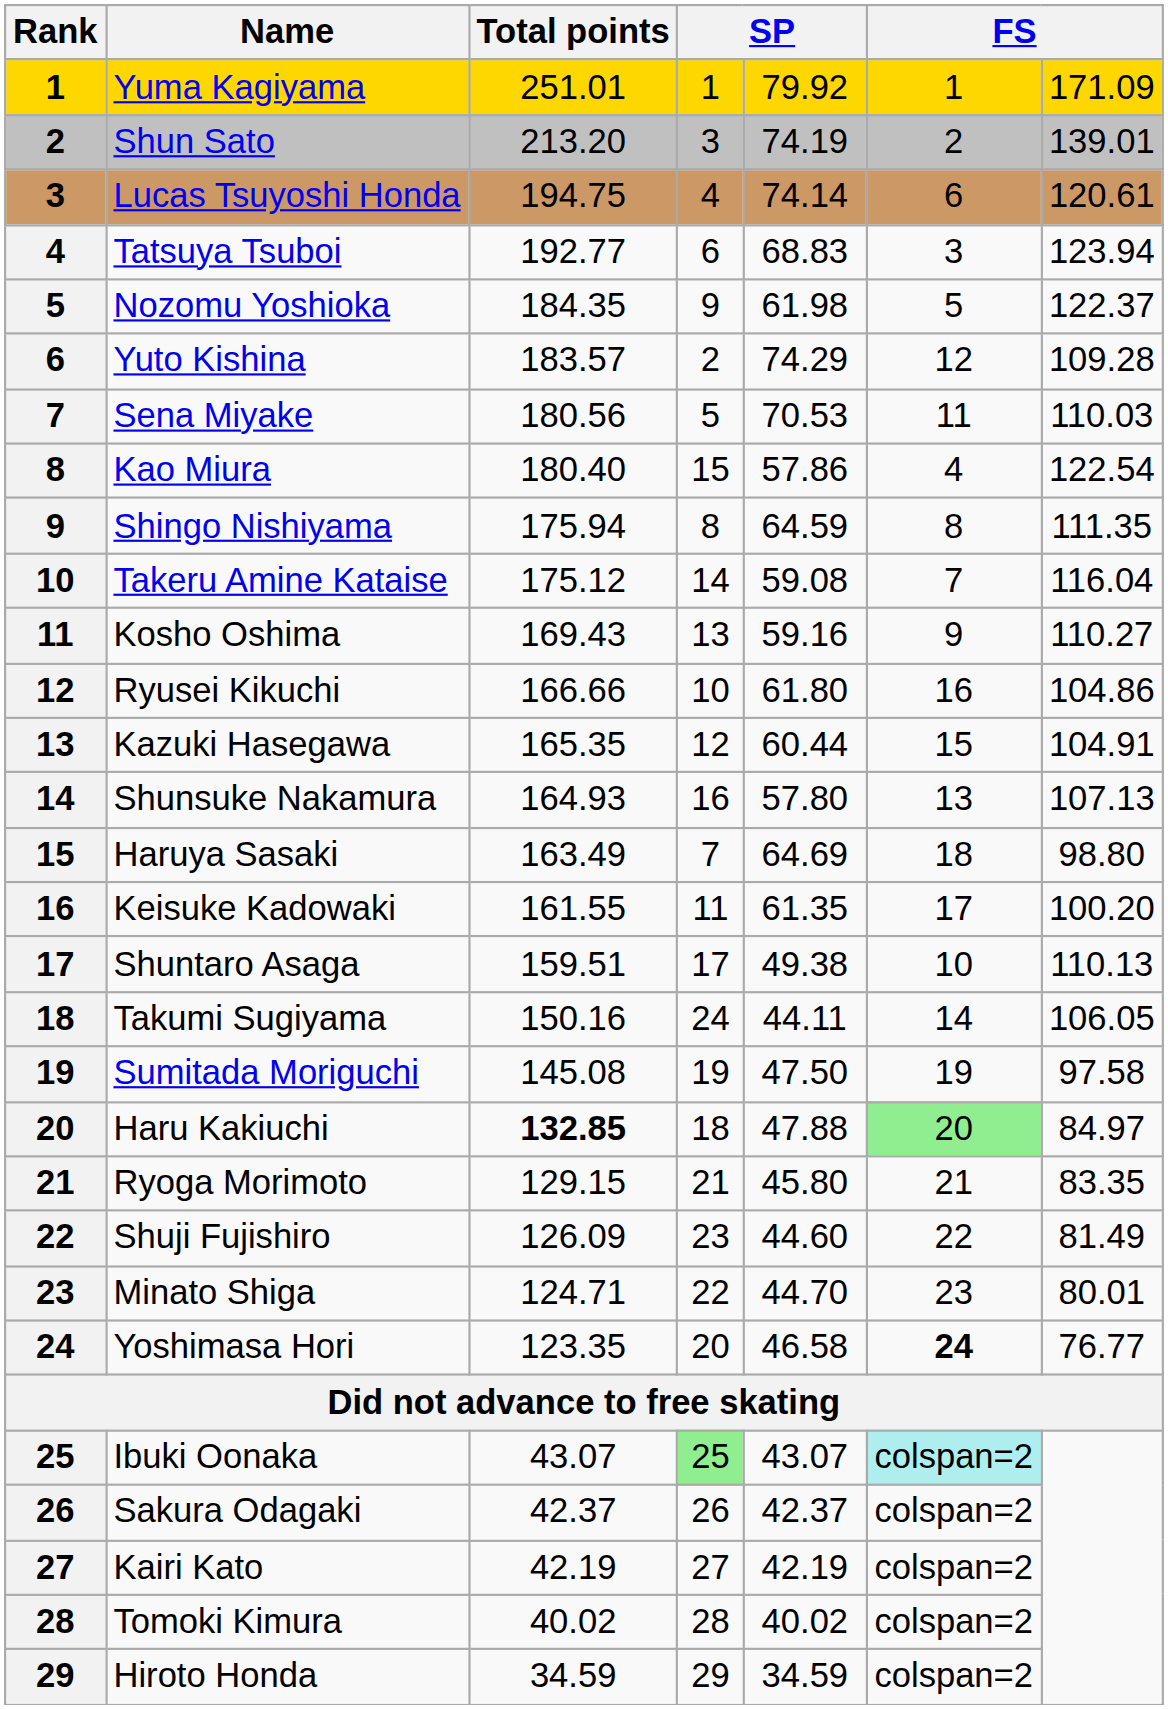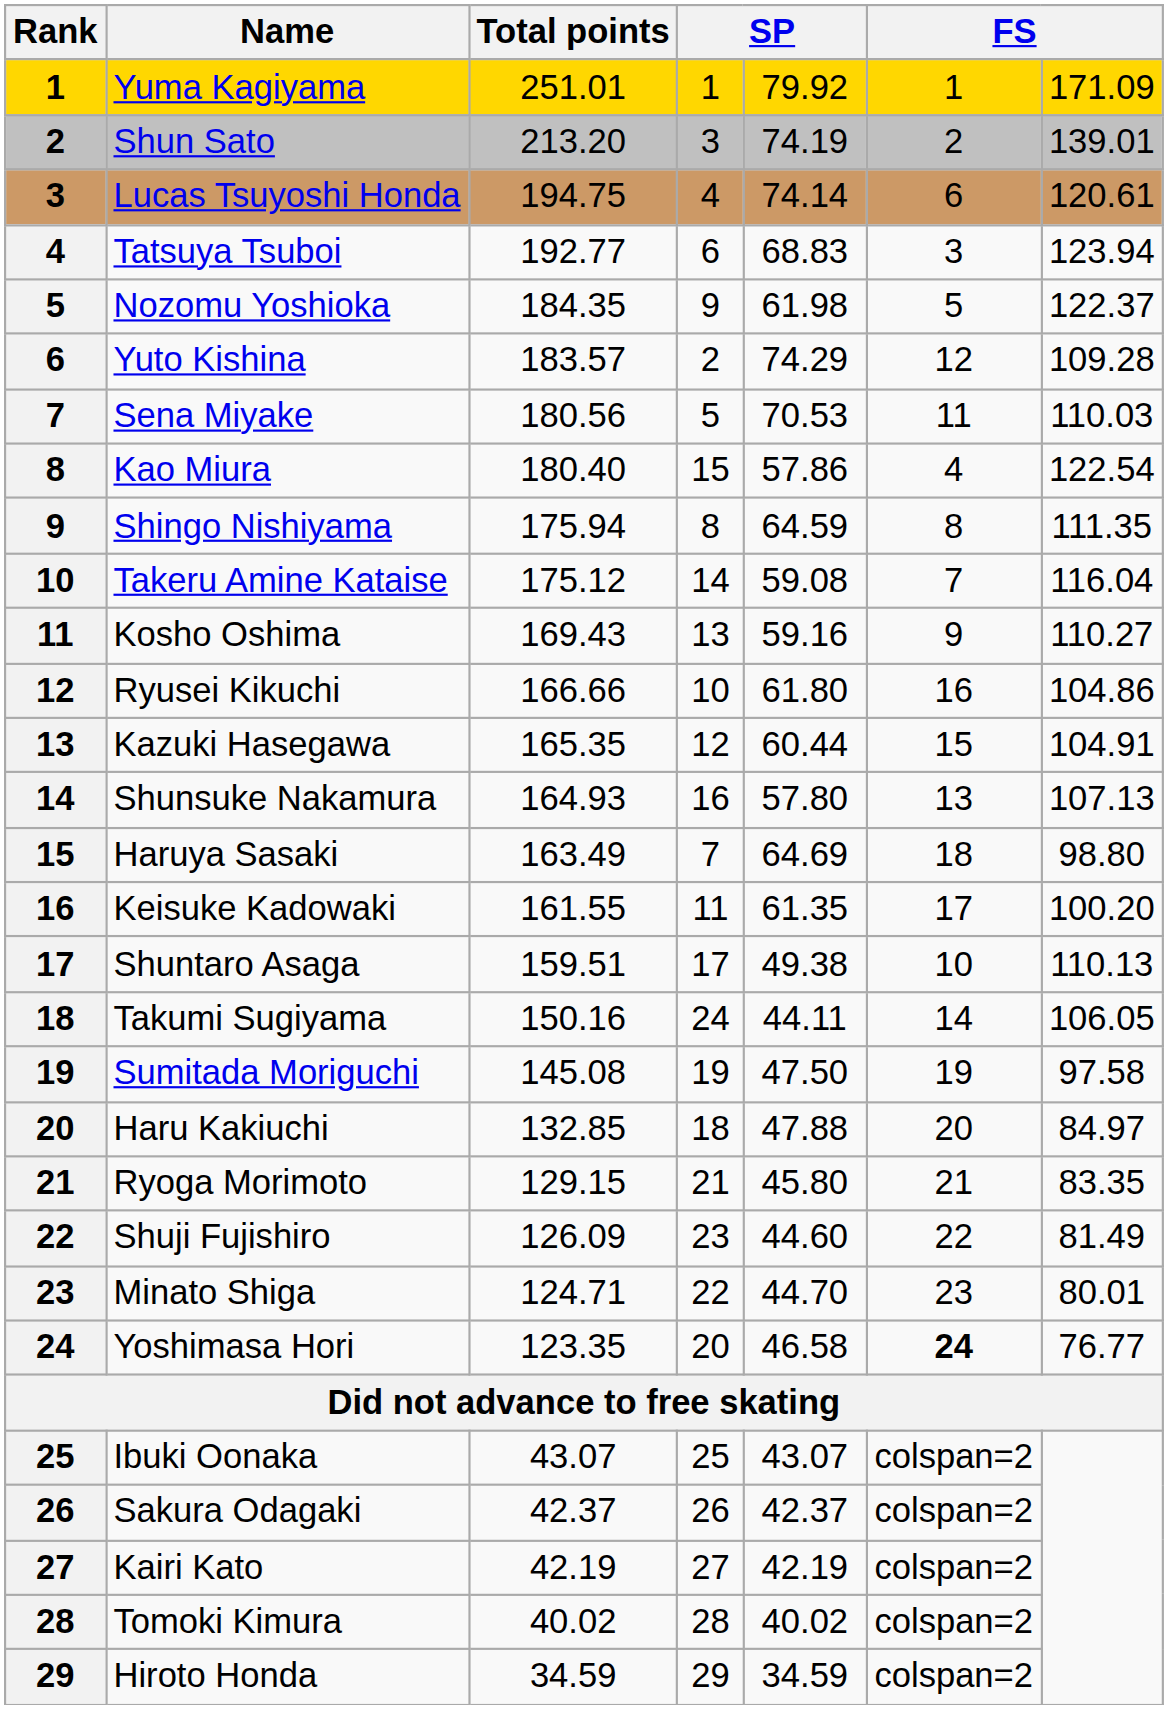 <table class="wikitable sortable">
 <tr>
 <th>Rank</th>
 <th>Name</th>
 <th>Total points</th>
 <th colspan="2" width="80px"><a href='#'>SP</a></th>
 <th colspan="2" width="80px"><a href='#'>FS</a></th>
 </tr>
 <tr bgcolor="gold">
 <td align="center"><strong>1</strong></td>
 <td><a href='#'>Yuma Kagiyama</a></td>
 <td align="center">251.01</td>
 <td align="center">1</td>
 <td align="center">79.92</td>
 <td align="center">1</td>
 <td align="center">171.09</td>
 </tr>
 <tr bgcolor="silver">
 <td align="center"><strong>2</strong></td>
 <td><a href='#'>Shun Sato</a></td>
 <td align="center">213.20</td>
 <td align="center">3</td>
 <td align="center">74.19</td>
 <td align="center">2</td>
 <td align="center">139.01</td>
 </tr>
 <tr bgcolor="cc9966">
 <td align="center"><strong>3</strong></td>
 <td><a href='#'>Lucas Tsuyoshi Honda</a></td>
 <td align="center">194.75</td>
 <td align="center">4</td>
 <td align="center">74.14</td>
 <td align="center">6</td>
 <td align="center">120.61</td>
 </tr>
 <tr>
 <th>4</th>
 <td><a href='#'>Tatsuya Tsuboi</a></td>
 <td align="center">192.77</td>
 <td align="center">6</td>
 <td align="center">68.83</td>
 <td align="center">3</td>
 <td align="center">123.94</td>
 </tr>
 <tr>
 <th>5</th>
 <td><a href='#'>Nozomu Yoshioka</a></td>
 <td align="center">184.35</td>
 <td align="center">9</td>
 <td align="center">61.98</td>
 <td align="center">5</td>
 <td align="center">122.37</td>
 </tr>
 <tr>
 <th>6</th>
 <td><a href='#'>Yuto Kishina</a></td>
 <td align="center">183.57</td>
 <td align="center">2</td>
 <td align="center">74.29</td>
 <td align="center">12</td>
 <td align="center">109.28</td>
 </tr>
 <tr>
 <th>7</th>
 <td><a href='#'>Sena Miyake</a></td>
 <td align="center">180.56</td>
 <td align="center">5</td>
 <td align="center">70.53</td>
 <td align="center">11</td>
 <td align="center">110.03</td>
 </tr>
 <tr>
 <th>8</th>
 <td><a href='#'>Kao Miura</a></td>
 <td align="center">180.40</td>
 <td align="center">15</td>
 <td align="center">57.86</td>
 <td align="center">4</td>
 <td align="center">122.54</td>
 </tr>
 <tr>
 <th>9</th>
 <td><a href='#'>Shingo Nishiyama</a></td>
 <td align="center">175.94</td>
 <td align="center">8</td>
 <td align="center">64.59</td>
 <td align="center">8</td>
 <td align="center">111.35</td>
 </tr>
 <tr>
 <th>10</th>
 <td><a href='#'>Takeru Amine Kataise</a></td>
 <td align="center">175.12</td>
 <td align="center">14</td>
 <td align="center">59.08</td>
 <td align="center">7</td>
 <td align="center">116.04</td>
 </tr>
 <tr>
 <th>11</th>
 <td>Kosho Oshima</td>
 <td align="center">169.43</td>
 <td align="center">13</td>
 <td align="center">59.16</td>
 <td align="center">9</td>
 <td align="center">110.27</td>
 </tr>
 <tr>
 <th>12</th>
 <td>Ryusei Kikuchi</td>
 <td align="center">166.66</td>
 <td align="center">10</td>
 <td align="center">61.80</td>
 <td align="center">16</td>
 <td align="center">104.86</td>
 </tr>
 <tr>
 <th>13</th>
 <td>Kazuki Hasegawa</td>
 <td align="center">165.35</td>
 <td align="center">12</td>
 <td align="center">60.44</td>
 <td align="center">15</td>
 <td align="center">104.91</td>
 </tr>
 <tr>
 <th>14</th>
 <td>Shunsuke Nakamura</td>
 <td align="center">164.93</td>
 <td align="center">16</td>
 <td align="center">57.80</td>
 <td align="center">13</td>
 <td align="center">107.13</td>
 </tr>
 <tr>
 <th>15</th>
 <td>Haruya Sasaki</td>
 <td align="center">163.49</td>
 <td align="center">7</td>
 <td align="center">64.69</td>
 <td align="center">18</td>
 <td align="center">98.80</td>
 </tr>
 <tr>
 <th>16</th>
 <td>Keisuke Kadowaki</td>
 <td align="center">161.55</td>
 <td align="center">11</td>
 <td align="center">61.35</td>
 <td align="center">17</td>
 <td align="center">100.20</td>
 </tr>
 <tr>
 <th>17</th>
 <td>Shuntaro Asaga</td>
 <td align="center">159.51</td>
 <td align="center">17</td>
 <td align="center">49.38</td>
 <td align="center">10</td>
 <td align="center">110.13</td>
 </tr>
 <tr>
 <th>18</th>
 <td>Takumi Sugiyama</td>
 <td align="center">150.16</td>
 <td align="center">24</td>
 <td align="center">44.11</td>
 <td align="center">14</td>
 <td align="center">106.05</td>
 </tr>
 <tr>
 <th>19</th>
 <td><a href='#'>Sumitada Moriguchi</a></td>
 <td align=center>145.08</td>
 <td align=center>19</td>
 <td align=center>47.50</td>
 <td align=center>19</td>
 <td align=center>97.58</td>
 </tr>
 <tr>
 <th>20</th>
 <td>Haru Kakiuchi</td>
-<td align="center"><strong>132.85</strong></td>
+<td align="center">132.85</td>
 <td align="center">18</td>
 <td align="center">47.88</td>
-<td align="center" style="background: lightgreen;">20</td>
+<td align="center">20</td>
 <td align="center">84.97</td>
 </tr>
 <tr>
 <th>21</th>
 <td>Ryoga Morimoto</td>
 <td align="center">129.15</td>
 <td align="center">21</td>
 <td align="center">45.80</td>
 <td align="center">21</td>
 <td align="center">83.35</td>
 </tr>
 <tr>
 <th>22</th>
 <td>Shuji Fujishiro</td>
 <td align="center">126.09</td>
 <td align="center">23</td>
 <td align="center">44.60</td>
 <td align="center">22</td>
 <td align="center">81.49</td>
 </tr>
 <tr>
 <th>23</th>
 <td>Minato Shiga</td>
 <td align="center">124.71</td>
 <td align="center">22</td>
 <td align="center">44.70</td>
 <td align="center">23</td>
 <td align="center">80.01</td>
 </tr>
 <tr>
 <th>24</th>
 <td>Yoshimasa Hori</td>
 <td align="center">123.35</td>
 <td align="center">20</td>
 <td align="center">46.58</td>
 <td align="center"><strong>24</strong></td>
 <td align="center">76.77</td>
 </tr>
 <tr>
 <th colspan=7>Did not advance to free skating</th>
 </tr>
 <tr>
 <th>25</th>
 <td>Ibuki Oonaka</td>
 <td align=center>43.07</td>
-<td align=center style="background: lightgreen;">25</td>
+<td align=center>25</td>
 <td align=center>43.07</td>
-<td style="background: paleturquoise;">colspan=2 </td>
+<td>colspan=2 </td>
 </tr>
 <tr>
 <th>26</th>
 <td>Sakura Odagaki</td>
 <td align=center>42.37</td>
 <td align=center>26</td>
 <td align=center>42.37</td>
 <td>colspan=2 </td>
 </tr>
 <tr>
 <th>27</th>
 <td>Kairi Kato</td>
 <td align=center>42.19</td>
 <td align=center>27</td>
 <td align=center>42.19</td>
 <td>colspan=2 </td>
 </tr>
 <tr>
 <th>28</th>
 <td>Tomoki Kimura</td>
 <td align=center>40.02</td>
 <td align=center>28</td>
 <td align=center>40.02</td>
 <td>colspan=2 </td>
 </tr>
 <tr>
 <th>29</th>
 <td>Hiroto Honda</td>
 <td align=center>34.59</td>
 <td align=center>29</td>
 <td align=center>34.59</td>
 <td>colspan=2 </td>
 </tr>
 </table>
